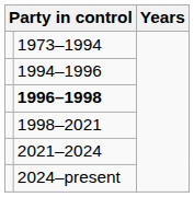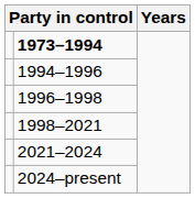 <table class="wikitable">
 <tr>
 <th colspan=2>Party in control</th>
 <th>Years</th>
 </tr>
 <tr>
 <td></td>
-<td>1973–1994</td>
+<td><strong>1973–1994</strong></td>
 </tr>
 <tr>
 <td></td>
 <td>1994–1996</td>
 </tr>
 <tr>
 <td></td>
-<td><strong>1996–1998</strong></td>
+<td>1996–1998</td>
 </tr>
 <tr>
 <td></td>
 <td>1998–2021</td>
 </tr>
 <tr>
 <td></td>
 <td>2021–2024</td>
 </tr>
 <tr>
 <td></td>
 <td>2024–present</td>
 </tr>
 </table>
